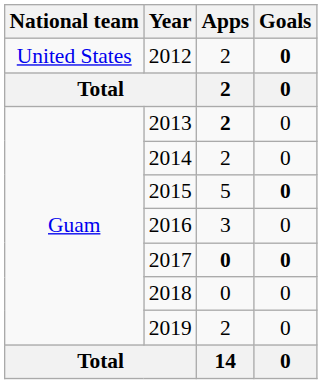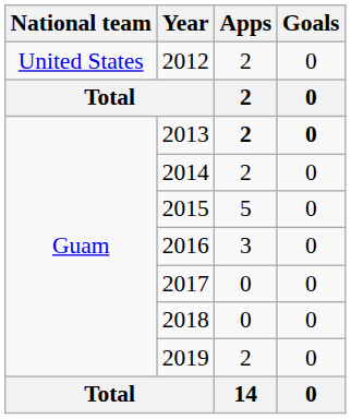 <table class=wikitable style=text-align:center>
 <tr>
 <th>National team</th>
 <th>Year</th>
 <th>Apps</th>
 <th>Goals</th>
 </tr>
 <tr>
 <td><a href='#'>United States</a></td>
 <td>2012</td>
 <td>2</td>
-<td><strong>0</strong></td>
+<td>0</td>
 </tr>
 <tr>
 <th colspan="2">Total</th>
 <th>2</th>
 <th>0</th>
 </tr>
 <tr>
 <td rowspan="7"><a href='#'>Guam</a></td>
 <td>2013</td>
 <td><strong>2</strong></td>
-<td>0</td>
+<td><strong>0</strong></td>
 </tr>
 <tr>
 <td>2014</td>
 <td>2</td>
 <td>0</td>
 </tr>
 <tr>
 <td>2015</td>
 <td>5</td>
-<td><strong>0</strong></td>
+<td>0</td>
 </tr>
 <tr>
 <td>2016</td>
 <td>3</td>
 <td>0</td>
 </tr>
 <tr>
 <td>2017</td>
-<td><strong>0</strong></td>
-<td><strong>0</strong></td>
+<td>0</td>
+<td>0</td>
 </tr>
 <tr>
 <td>2018</td>
 <td>0</td>
 <td>0</td>
 </tr>
 <tr>
 <td>2019</td>
 <td>2</td>
 <td>0</td>
 </tr>
 <tr>
 <th colspan="2">Total</th>
 <th>14</th>
 <th>0</th>
 </tr>
 </table>
